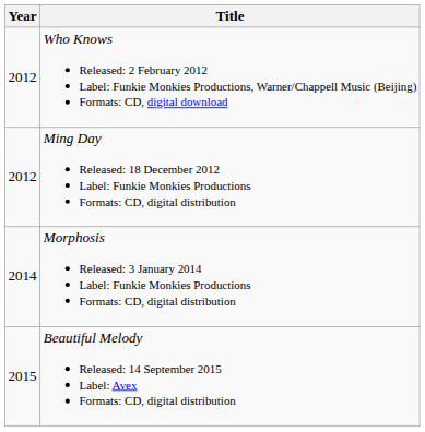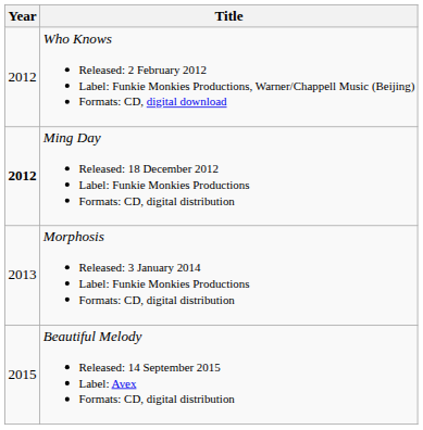 <table class="wikitable">
 <tr>
 <th rowspan="1">Year</th>
 <th rowspan="1">Title</th>
 </tr>
 <tr>
 <td>2012</td>
 <td><em>Who Knows</em><br><ul><li><small>Released: 2 February 2012</small></li><li><small>Label: Funkie Monkies Productions, Warner/Chappell Music (Beijing)</small></li><li><small>Formats: CD, <a href='#'>digital download</a></small></li></ul></td>
 </tr>
 <tr>
-<td>2012</td>
+<td><strong>2012</strong></td>
 <td><em>Ming Day</em><br><ul><li><small>Released: 18 December 2012</small></li><li><small>Label: Funkie Monkies Productions</small></li><li><small>Formats: CD, digital distribution</small></li></ul></td>
 </tr>
 <tr>
-<td>2014</td>
+<td>2013</td>
 <td><em>Morphosis</em><br><ul><li><small>Released: 3 January 2014</small></li><li><small>Label: Funkie Monkies Productions</small></li><li><small>Formats: CD, digital distribution</small></li></ul></td>
 </tr>
 <tr>
 <td>2015</td>
 <td><em>Beautiful Melody</em><br><ul><li><small>Released: 14 September 2015</small></li><li><small>Label: <a href='#'>Avex</a></small></li><li><small>Formats: CD, digital distribution</small></li></ul></td>
 </tr>
 </table>
